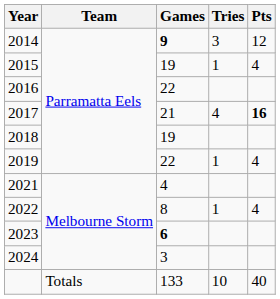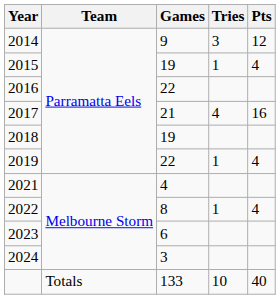 <table class="wikitable">
 <tr>
 <th>Year</th>
 <th>Team</th>
 <th>Games</th>
 <th>Tries</th>
 <th>Pts</th>
 </tr>
 <tr>
 <td>2014</td>
 <td rowspan="6"> <a href='#'>Parramatta Eels</a></td>
-<td><strong>9</strong></td>
+<td>9</td>
 <td>3</td>
 <td>12</td>
 </tr>
 <tr>
 <td>2015</td>
 <td>19</td>
 <td>1</td>
 <td>4</td>
 </tr>
 <tr>
 <td>2016</td>
 <td>22</td>
 <td></td>
 <td></td>
 </tr>
 <tr>
 <td>2017</td>
 <td>21</td>
 <td>4</td>
-<td><strong>16</strong></td>
+<td>16</td>
 </tr>
 <tr>
 <td>2018</td>
 <td>19</td>
 <td></td>
 <td></td>
 </tr>
 <tr>
 <td>2019</td>
 <td>22</td>
 <td>1</td>
 <td>4</td>
 </tr>
 <tr>
 <td>2021</td>
 <td rowspan="4"> <a href='#'>Melbourne Storm</a></td>
 <td>4</td>
 <td></td>
 <td></td>
 </tr>
 <tr>
 <td>2022</td>
 <td>8</td>
 <td>1</td>
 <td>4</td>
 </tr>
 <tr>
 <td>2023</td>
-<td><strong>6</strong></td>
+<td>6</td>
 <td></td>
 <td></td>
 </tr>
 <tr>
 <td>2024</td>
 <td>3</td>
 <td></td>
 <td></td>
 </tr>
 <tr>
 <td></td>
 <td>Totals</td>
 <td>133</td>
 <td>10</td>
 <td>40</td>
 </tr>
 </table>
